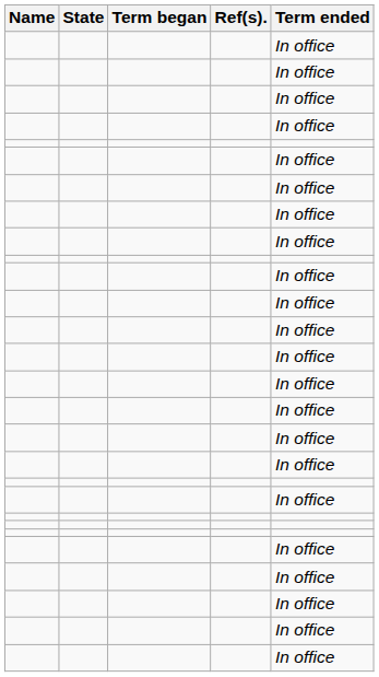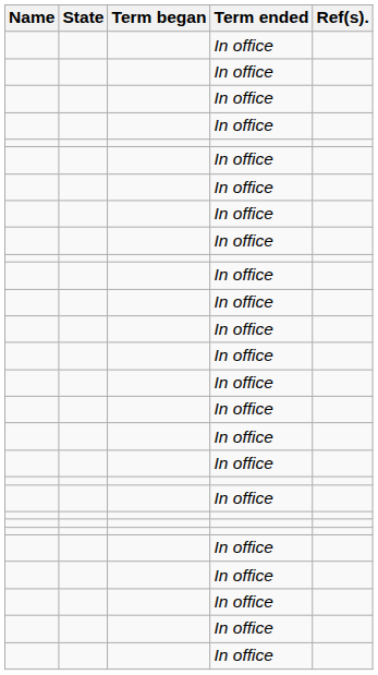 <table class="wikitable sortable">
 <tr>
 <th>Name</th>
 <th>State</th>
 <th>Term began</th>
+<th>Term ended</th>
 <th>Ref(s).</th>
-<th>Term ended</th>
 </tr>
 <tr>
 <td></td>
 <td></td>
 <td></td>
+<td><em>In office</em></td>
 <td align="center"></td>
-<td><em>In office</em></td>
 </tr>
 <tr>
 <td></td>
 <td></td>
 <td></td>
+<td><em>In office</em></td>
 <td align="center"></td>
-<td><em>In office</em></td>
 </tr>
 <tr>
 <td></td>
 <td></td>
 <td></td>
+<td><em>In office</em></td>
 <td align="center"></td>
-<td><em>In office</em></td>
 </tr>
 <tr>
 <td></td>
 <td></td>
 <td></td>
+<td><em>In office</em></td>
 <td align="center"></td>
-<td><em>In office</em></td>
 </tr>
 <tr>
 <td></td>
 <td></td>
 <td></td>
+<td></td>
 <td align="center"></td>
-<td></td>
 </tr>
 <tr>
 <td></td>
 <td></td>
 <td></td>
+<td><em>In office</em></td>
 <td align="center"></td>
-<td><em>In office</em></td>
 </tr>
 <tr>
 <td></td>
 <td></td>
 <td></td>
+<td><em>In office</em></td>
 <td align="center"></td>
-<td><em>In office</em></td>
 </tr>
 <tr>
 <td></td>
 <td></td>
 <td></td>
+<td><em>In office</em></td>
 <td align="center"></td>
-<td><em>In office</em></td>
 </tr>
 <tr>
 <td></td>
 <td></td>
 <td></td>
+<td><em>In office</em></td>
 <td align="center"></td>
-<td><em>In office</em></td>
 </tr>
 <tr>
 <td></td>
 <td></td>
 <td></td>
+<td></td>
 <td align="center"></td>
-<td></td>
 </tr>
 <tr>
 <td></td>
 <td></td>
 <td></td>
+<td><em>In office</em></td>
 <td align="center"></td>
-<td><em>In office</em></td>
 </tr>
 <tr>
 <td></td>
 <td></td>
 <td></td>
+<td><em>In office</em></td>
 <td align="center"></td>
-<td><em>In office</em></td>
 </tr>
 <tr>
 <td></td>
 <td></td>
 <td></td>
+<td><em>In office</em></td>
 <td align="center"></td>
-<td><em>In office</em></td>
 </tr>
 <tr>
 <td></td>
 <td></td>
 <td></td>
+<td><em>In office</em></td>
 <td align="center"></td>
-<td><em>In office</em></td>
 </tr>
 <tr>
 <td></td>
 <td></td>
 <td></td>
+<td><em>In office</em></td>
 <td align="center"></td>
-<td><em>In office</em></td>
 </tr>
 <tr>
 <td></td>
 <td></td>
 <td></td>
+<td><em>In office</em></td>
 <td align="center"></td>
-<td><em>In office</em></td>
 </tr>
 <tr>
 <td></td>
 <td></td>
 <td></td>
+<td><em>In office</em></td>
 <td align="center"></td>
-<td><em>In office</em></td>
 </tr>
 <tr>
 <td></td>
 <td></td>
 <td></td>
+<td><em>In office</em></td>
 <td align="center"></td>
-<td><em>In office</em></td>
 </tr>
 <tr>
 <td></td>
 <td></td>
 <td></td>
+<td></td>
 <td align="center"></td>
-<td></td>
 </tr>
 <tr>
 <td></td>
 <td></td>
 <td></td>
+<td><em>In office</em></td>
 <td align="center"></td>
-<td><em>In office</em></td>
 </tr>
 <tr>
 <td></td>
 <td></td>
 <td></td>
+<td></td>
 <td align="center"></td>
-<td></td>
 </tr>
 <tr>
 <td></td>
 <td></td>
 <td></td>
+<td></td>
 <td align="center"></td>
-<td></td>
 </tr>
 <tr>
 <td></td>
 <td></td>
 <td></td>
+<td></td>
 <td align="center"></td>
-<td></td>
 </tr>
 <tr>
 <td></td>
 <td></td>
 <td></td>
+<td><em>In office</em></td>
 <td align="center"></td>
-<td><em>In office</em></td>
 </tr>
 <tr>
 <td></td>
 <td></td>
 <td></td>
+<td><em>In office</em></td>
 <td align="center"></td>
-<td><em>In office</em></td>
 </tr>
 <tr>
 <td></td>
 <td></td>
 <td></td>
+<td><em>In office</em></td>
 <td align="center"></td>
-<td><em>In office</em></td>
 </tr>
 <tr>
 <td></td>
 <td></td>
 <td></td>
+<td><em>In office</em></td>
 <td align="center"></td>
-<td><em>In office</em></td>
 </tr>
 <tr>
 <td></td>
 <td></td>
 <td></td>
+<td><em>In office</em></td>
 <td align="center"></td>
-<td><em>In office</em></td>
 </tr>
 </table>
